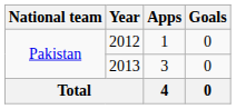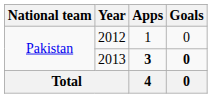 <table class="wikitable" style="text-align:center">
 <tr>
 <th>National team</th>
 <th>Year</th>
 <th>Apps</th>
 <th>Goals</th>
 </tr>
 <tr>
 <td rowspan="2"><a href='#'>Pakistan</a></td>
 <td>2012</td>
 <td>1</td>
 <td>0</td>
 </tr>
 <tr>
 <td>2013</td>
-<td>3</td>
-<td>0</td>
+<td><strong>3</strong></td>
+<td><strong>0</strong></td>
 </tr>
 <tr>
 <th colspan="2">Total</th>
 <th>4</th>
 <th>0</th>
 </tr>
 </table>
